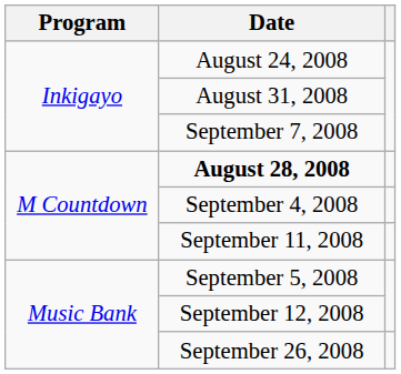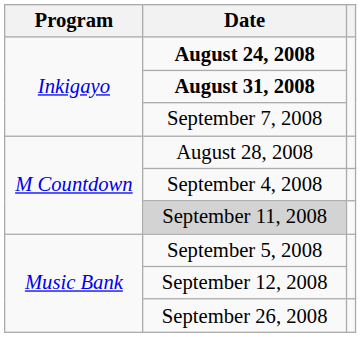 <table class="wikitable sortable" style="text-align:center">
 <tr>
 <th width="100">Program</th>
 <th width="150">Date</th>
 <th class="unsortable"></th>
 </tr>
 <tr>
 <td rowspan="3"><em><a href='#'>Inkigayo</a></em></td>
-<td>August 24, 2008</td>
+<td><strong>August 24, 2008</strong></td>
 <td rowspan="3"></td>
 </tr>
 <tr>
-<td>August 31, 2008</td>
+<td><strong>August 31, 2008</strong></td>
 </tr>
 <tr>
 <td>September 7, 2008</td>
 </tr>
 <tr>
 <td rowspan="3"><em><a href='#'>M Countdown</a></em></td>
-<td><strong>August 28, 2008</strong></td>
+<td>August 28, 2008</td>
 <td></td>
 </tr>
 <tr>
 <td>September 4, 2008</td>
 <td></td>
 </tr>
 <tr>
-<td>September 11, 2008</td>
+<td style="background: lightgrey;">September 11, 2008</td>
 <td></td>
 </tr>
 <tr>
 <td rowspan="3"><em><a href='#'>Music Bank</a></em></td>
 <td>September 5, 2008</td>
 <td rowspan="2"></td>
 </tr>
 <tr>
 <td>September 12, 2008</td>
 </tr>
 <tr>
 <td>September 26, 2008</td>
 <td></td>
 </tr>
 </table>
